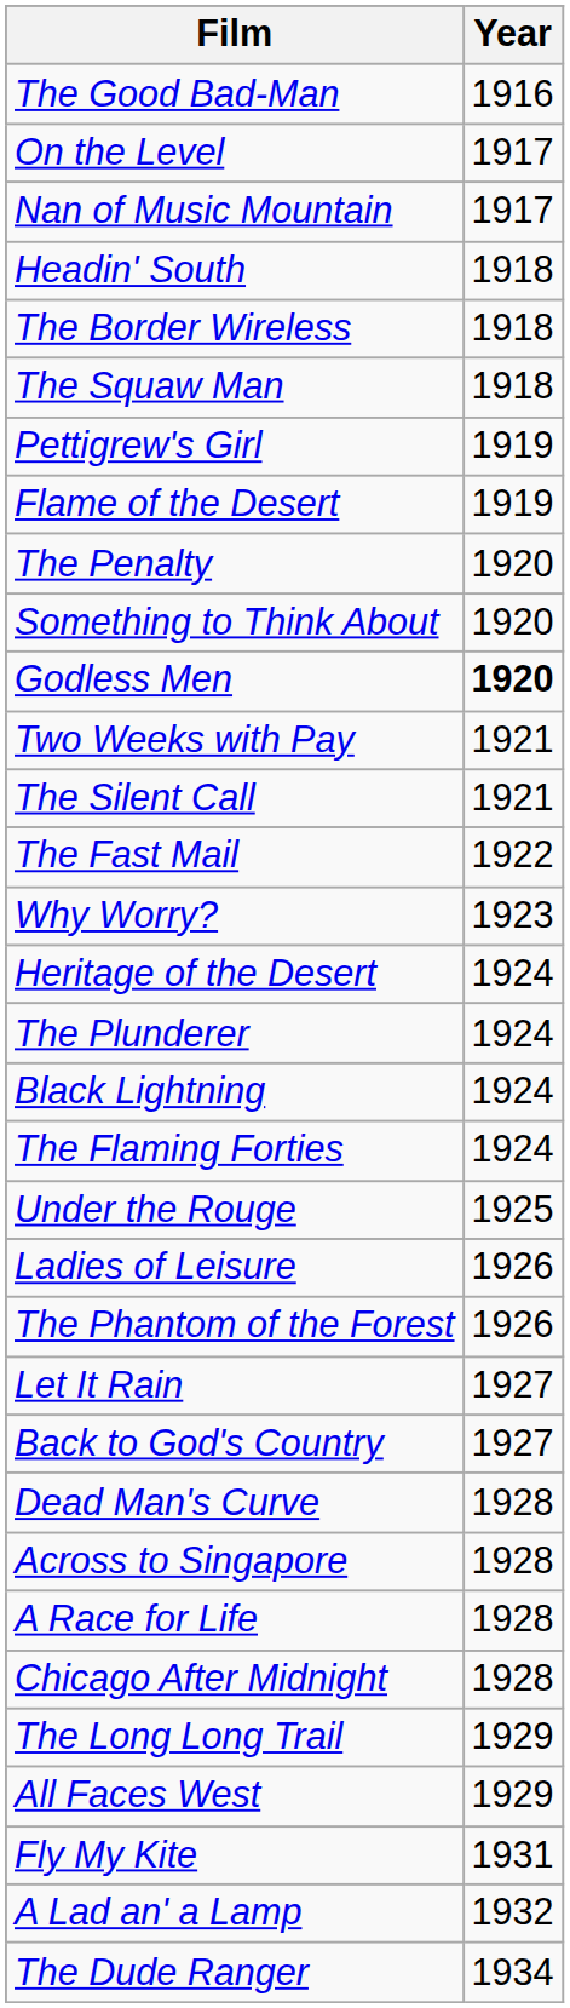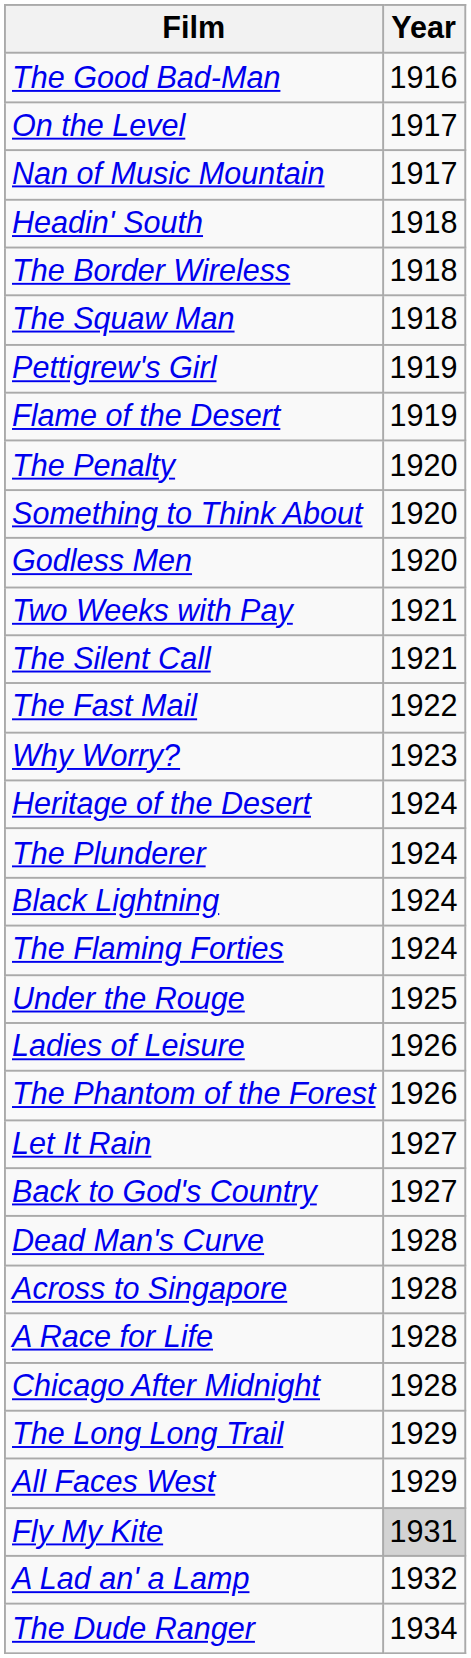 <table class="wikitable sortable">
 <tr>
 <th>Film</th>
 <th>Year</th>
 </tr>
 <tr>
 <td><em><a href='#'>The Good Bad-Man</a></em></td>
 <td>1916</td>
 </tr>
 <tr>
 <td><em><a href='#'>On the Level</a></em></td>
 <td>1917</td>
 </tr>
 <tr>
 <td><em><a href='#'>Nan of Music Mountain</a></em></td>
 <td>1917</td>
 </tr>
 <tr>
 <td><em><a href='#'>Headin' South</a></em></td>
 <td>1918</td>
 </tr>
 <tr>
 <td><em><a href='#'>The Border Wireless</a></em></td>
 <td>1918</td>
 </tr>
 <tr>
 <td><em><a href='#'>The Squaw Man</a></em></td>
 <td>1918</td>
 </tr>
 <tr>
 <td><em><a href='#'>Pettigrew's Girl</a></em></td>
 <td>1919</td>
 </tr>
 <tr>
 <td><em><a href='#'>Flame of the Desert</a></em></td>
 <td>1919</td>
 </tr>
 <tr>
 <td><em><a href='#'>The Penalty</a></em></td>
 <td>1920</td>
 </tr>
 <tr>
 <td><em><a href='#'>Something to Think About</a></em></td>
 <td>1920</td>
 </tr>
 <tr>
 <td><em><a href='#'>Godless Men</a></em></td>
-<td><strong>1920</strong></td>
+<td>1920</td>
 </tr>
 <tr>
 <td><em><a href='#'>Two Weeks with Pay</a></em></td>
 <td>1921</td>
 </tr>
 <tr>
 <td><em><a href='#'>The Silent Call</a></em></td>
 <td>1921</td>
 </tr>
 <tr>
 <td><em><a href='#'>The Fast Mail</a></em></td>
 <td>1922</td>
 </tr>
 <tr>
 <td><em><a href='#'>Why Worry?</a></em></td>
 <td>1923</td>
 </tr>
 <tr>
 <td><em><a href='#'>Heritage of the Desert</a></em></td>
 <td>1924</td>
 </tr>
 <tr>
 <td><em><a href='#'>The Plunderer</a></em></td>
 <td>1924</td>
 </tr>
 <tr>
 <td><em><a href='#'>Black Lightning</a></em></td>
 <td>1924</td>
 </tr>
 <tr>
 <td><em><a href='#'>The Flaming Forties</a></em></td>
 <td>1924</td>
 </tr>
 <tr>
 <td><em><a href='#'>Under the Rouge</a></em></td>
 <td>1925</td>
 </tr>
 <tr>
 <td><em><a href='#'>Ladies of Leisure</a></em></td>
 <td>1926</td>
 </tr>
 <tr>
 <td><em><a href='#'>The Phantom of the Forest</a></em></td>
 <td>1926</td>
 </tr>
 <tr>
 <td><em><a href='#'>Let It Rain</a></em></td>
 <td>1927</td>
 </tr>
 <tr>
 <td><em><a href='#'>Back to God's Country</a></em></td>
 <td>1927</td>
 </tr>
 <tr>
 <td><em><a href='#'>Dead Man's Curve</a></em></td>
 <td>1928</td>
 </tr>
 <tr>
 <td><em><a href='#'>Across to Singapore</a></em></td>
 <td>1928</td>
 </tr>
 <tr>
 <td><em><a href='#'>A Race for Life</a></em></td>
 <td>1928</td>
 </tr>
 <tr>
 <td><em><a href='#'>Chicago After Midnight</a></em></td>
 <td>1928</td>
 </tr>
 <tr>
 <td><em><a href='#'>The Long Long Trail</a></em></td>
 <td>1929</td>
 </tr>
 <tr>
 <td><em><a href='#'>All Faces West</a></em></td>
 <td>1929</td>
 </tr>
 <tr>
 <td><em><a href='#'>Fly My Kite</a></em></td>
-<td>1931</td>
+<td style="background: lightgrey;">1931</td>
 </tr>
 <tr>
 <td><em><a href='#'>A Lad an' a Lamp</a></em></td>
 <td>1932</td>
 </tr>
 <tr>
 <td><em><a href='#'>The Dude Ranger</a></em></td>
 <td>1934</td>
 </tr>
 </table>
